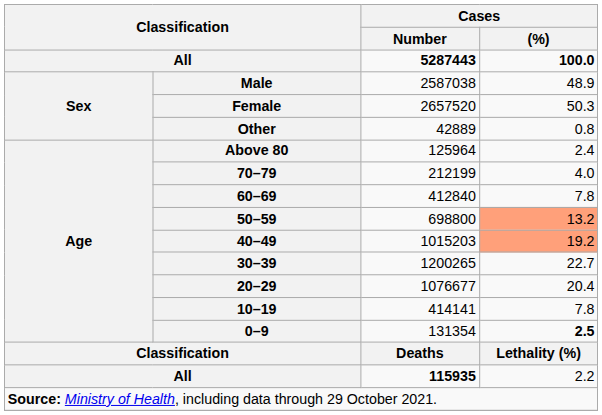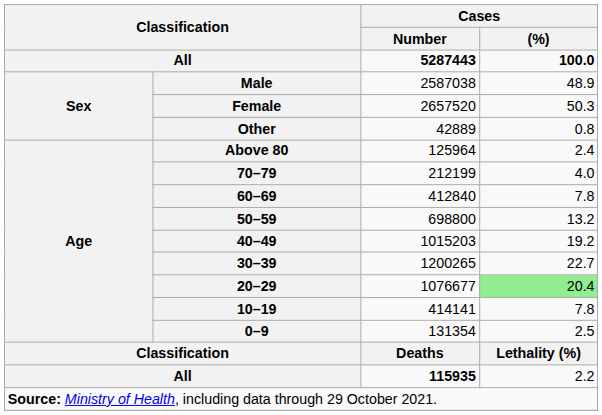 <table class="wikitable" style="width:47.5%;text-align:right; font-size:90%">
 <tr>
 <th rowspan="2" colspan="2">Classification</th>
 <th colspan="2">Cases</th>
 </tr>
 <tr>
 <th style="width:20%;">Number</th>
 <th style="width:20%;">(%)</th>
 </tr>
 <tr>
 <th colspan="2">All</th>
 <td><strong>5287443</strong></td>
 <td><strong>100.0</strong></td>
 </tr>
 <tr>
 <th rowspan="3">Sex</th>
 <th style="width:35%;">Male</th>
 <td>2587038</td>
 <td>48.9</td>
 </tr>
 <tr>
 <th>Female</th>
 <td>2657520</td>
 <td>50.3</td>
 </tr>
 <tr>
 <th>Other</th>
 <td>42889</td>
 <td>0.8</td>
 </tr>
 <tr>
 <th rowspan="9">Age</th>
 <th>Above 80</th>
 <td>125964</td>
 <td>2.4</td>
 </tr>
 <tr>
 <th>70–79</th>
 <td>212199</td>
 <td>4.0</td>
 </tr>
 <tr>
 <th>60–69</th>
 <td>412840</td>
 <td>7.8</td>
 </tr>
 <tr>
 <th>50–59</th>
 <td>698800</td>
-<td style="background: lightsalmon;">13.2</td>
+<td>13.2</td>
 </tr>
 <tr>
 <th>40–49</th>
 <td>1015203</td>
-<td style="background: lightsalmon;">19.2</td>
+<td>19.2</td>
 </tr>
 <tr>
 <th>30–39</th>
 <td>1200265</td>
 <td>22.7</td>
 </tr>
 <tr>
 <th>20–29</th>
 <td>1076677</td>
-<td>20.4</td>
+<td style="background: lightgreen;">20.4</td>
 </tr>
 <tr>
 <th>10–19</th>
 <td>414141</td>
 <td>7.8</td>
 </tr>
 <tr>
 <th>0–9</th>
 <td>131354</td>
-<td><strong>2.5</strong></td>
+<td>2.5</td>
 </tr>
 <tr>
 <th colspan="2">Classification</th>
 <th>Deaths</th>
 <th>Lethality (%)</th>
 </tr>
 <tr>
 <th colspan="2">All</th>
 <td><strong>115935</strong></td>
 <td>2.2</td>
 </tr>
 <tr>
 <td style="text-align:left;" colspan="4"><strong>Source:</strong> <em><a href='#'>Ministry of Health</a></em>, including data through 29 October 2021.</td>
 </tr>
 <tr>
 </tr>
 </table>
